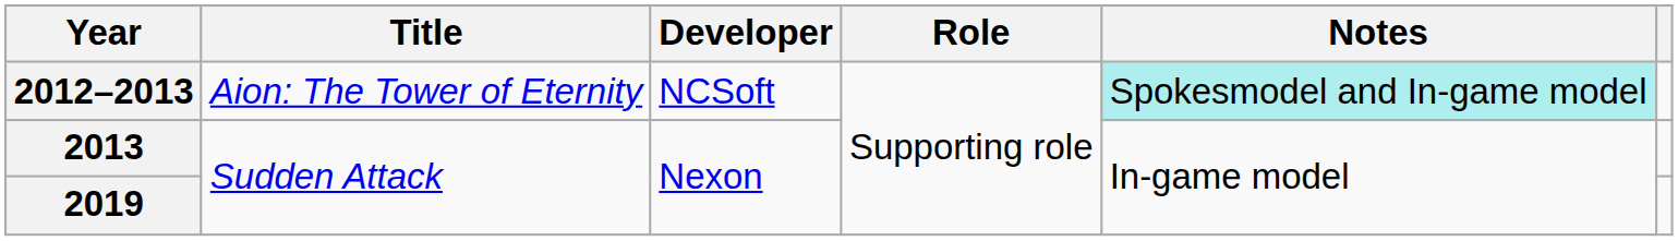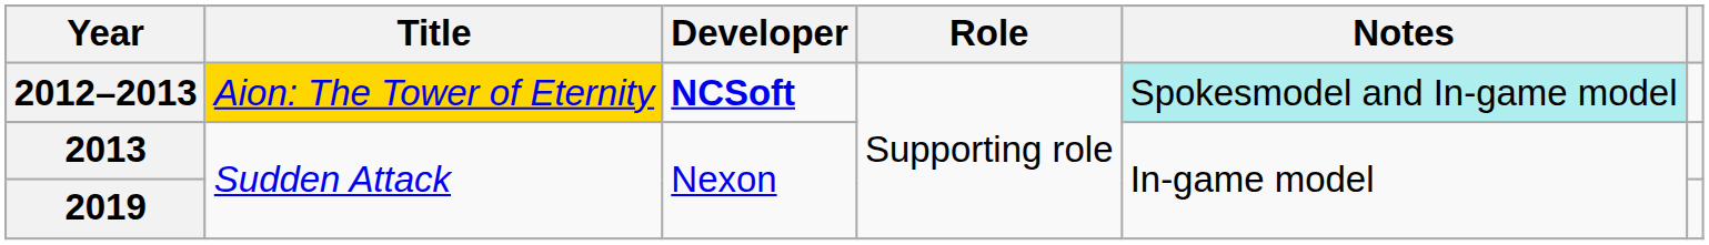 <table class="wikitable plainrowheaders sortable">
 <tr>
 <th scope="col">Year</th>
 <th scope="col">Title</th>
 <th scope="col">Developer</th>
 <th scope="col">Role</th>
 <th scope="col" class="unsortable">Notes</th>
 <th scope="col" class="unsortable"></th>
 </tr>
 <tr>
 <th scope="row">2012–2013</th>
-<td><em><a href='#'>Aion: The Tower of Eternity</a></em></td>
-<td><a href='#'>NCSoft</a></td>
+<td style="background: gold;"><em><a href='#'>Aion: The Tower of Eternity</a></em></td>
+<td><strong><a href='#'>NCSoft</a></strong></td>
 <td rowspan="3">Supporting role</td>
 <td style="background: paleturquoise;">Spokesmodel and In-game model</td>
 <td style="text-align:center"></td>
 </tr>
 <tr>
 <th scope="row">2013</th>
 <td rowspan="2"><em><a href='#'>Sudden Attack</a></em></td>
 <td rowspan="2"><a href='#'>Nexon</a></td>
 <td rowspan="2">In-game model</td>
 <td style="text-align:center"></td>
 </tr>
 <tr>
 <th scope="row">2019 </th>
 <td style="text-align:center"></td>
 </tr>
 </table>
